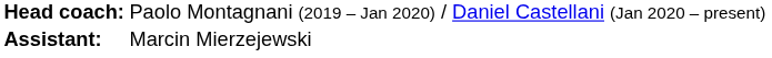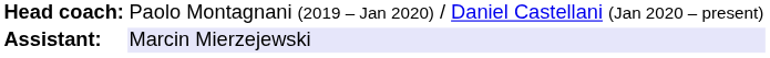 <table>
 <tr>
 <td><strong>Head coach:</strong></td>
 <td> Paolo Montagnani <small>(2019 – Jan 2020)</small> /  <a href='#'>Daniel Castellani</a> <small>(Jan 2020 – present)</small></td>
 </tr>
 <tr>
 <td><strong>Assistant:</strong></td>
-<td> Marcin Mierzejewski</td>
+<td style="background: lavender;"> Marcin Mierzejewski</td>
 </tr>
 </table>
